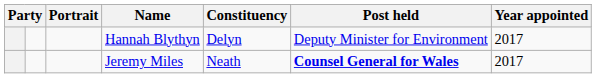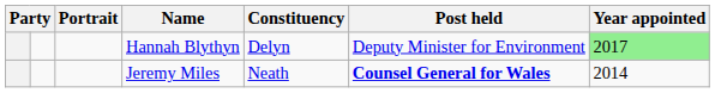 <table class="wikitable sortable">
 <tr>
 <th colspan="2">Party</th>
 <th class="unsortable">Portrait</th>
 <th class="unsortable">Name</th>
 <th class="unsortable">Constituency</th>
 <th class="unsortable">Post held</th>
 <th class="unsortable">Year appointed</th>
 </tr>
 <tr>
 <th style="background-color: "></th>
 <td></td>
 <td></td>
 <td><a href='#'>Hannah Blythyn</a></td>
 <td><a href='#'>Delyn</a></td>
 <td><a href='#'>Deputy Minister for Environment</a></td>
-<td>2017</td>
+<td style="background: lightgreen;">2017</td>
 </tr>
 <tr>
 <th style="background-color: "></th>
 <td></td>
 <td></td>
 <td><a href='#'>Jeremy Miles</a></td>
 <td><a href='#'>Neath</a></td>
 <td><strong><a href='#'>Counsel General for Wales</a></strong></td>
-<td>2017</td>
+<td>2014</td>
 </tr>
 </table>
